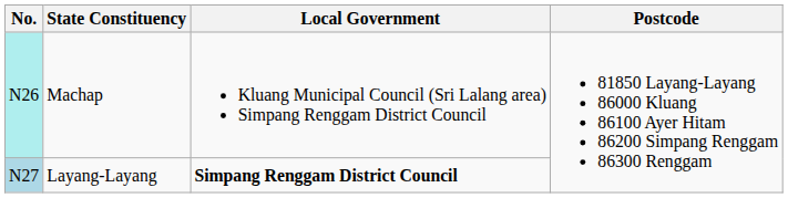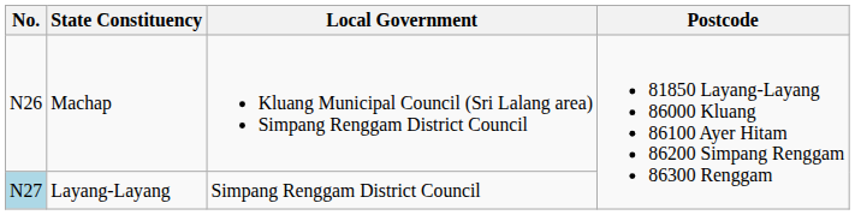 <table class="wikitable">
 <tr>
 <th>No.</th>
 <th>State Constituency</th>
 <th>Local Government</th>
 <th>Postcode</th>
 </tr>
 <tr>
-<td style="background: paleturquoise;">N26</td>
+<td>N26</td>
 <td>Machap</td>
 <td><br><ul><li>Kluang Municipal Council (Sri Lalang area)</li><li>Simpang Renggam District Council</li></ul></td>
 <td rowspan="2"><br><ul><li>81850 Layang-Layang</li><li>86000 Kluang</li><li>86100 Ayer Hitam</li><li>86200 Simpang Renggam</li><li>86300 Renggam</li></ul></td>
 </tr>
 <tr>
 <td style="background: lightblue;">N27</td>
 <td>Layang-Layang</td>
-<td><strong>Simpang Renggam District Council</strong></td>
+<td>Simpang Renggam District Council</td>
 </tr>
 </table>
